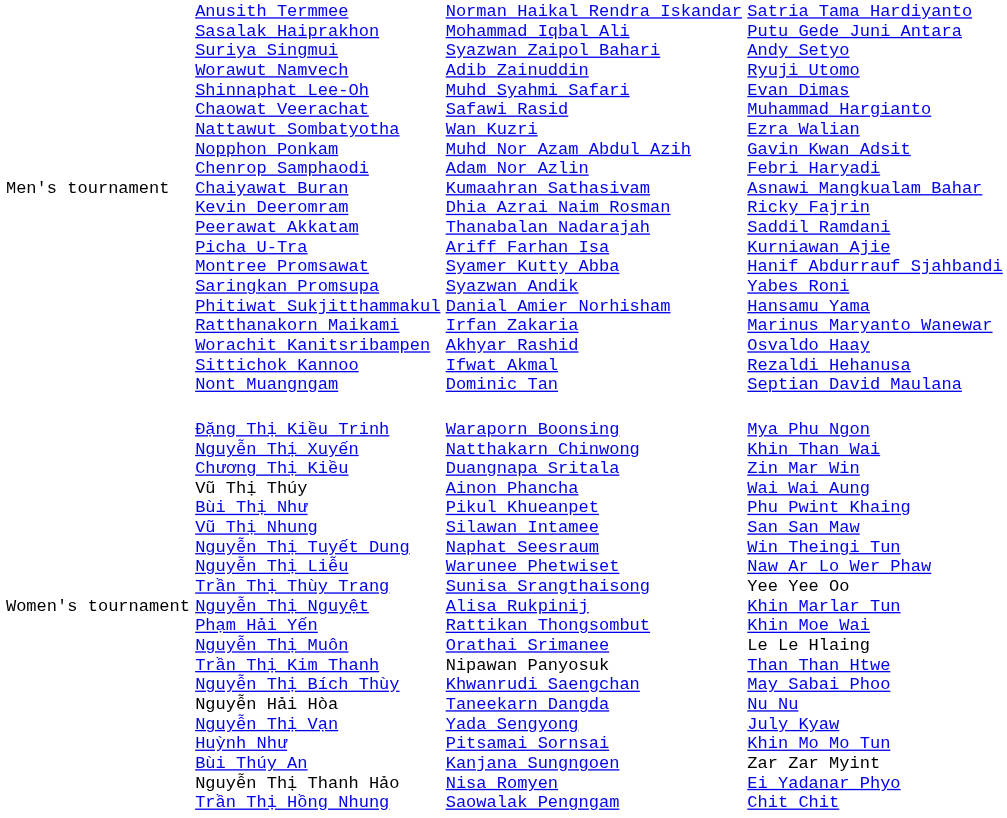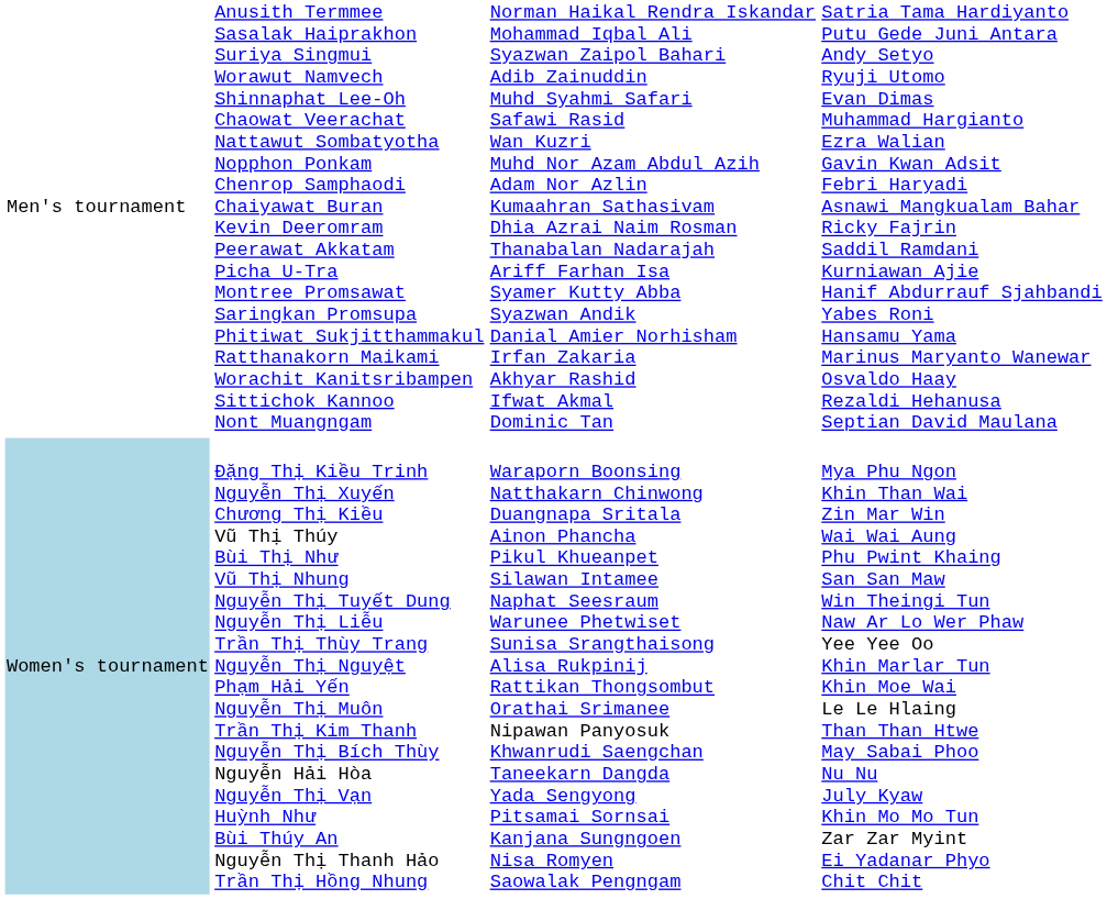 <table>
 <tr>
 <td>Men's tournament<br></td>
 <td nowrap=true><br><a href='#'>Anusith Termmee</a><br><a href='#'>Sasalak Haiprakhon</a><br><a href='#'>Suriya Singmui</a><br><a href='#'>Worawut Namvech</a><br><a href='#'>Shinnaphat Lee-Oh</a><br><a href='#'>Chaowat Veerachat</a><br><a href='#'>Nattawut Sombatyotha</a><br><a href='#'>Nopphon Ponkam</a><br><a href='#'>Chenrop Samphaodi</a><br><a href='#'>Chaiyawat Buran</a><br><a href='#'>Kevin Deeromram</a><br><a href='#'>Peerawat Akkatam</a><br><a href='#'>Picha U-Tra</a><br><a href='#'>Montree Promsawat</a><br><a href='#'>Saringkan Promsupa</a><br><a href='#'>Phitiwat Sukjitthammakul</a><br><a href='#'>Ratthanakorn Maikami</a><br><a href='#'>Worachit Kanitsribampen</a><br><a href='#'>Sittichok Kannoo</a><br><a href='#'>Nont Muangngam</a></td>
 <td nowrap=true><br><a href='#'>Norman Haikal Rendra Iskandar</a><br><a href='#'>Mohammad Iqbal Ali</a><br><a href='#'>Syazwan Zaipol Bahari</a><br><a href='#'>Adib Zainuddin</a><br><a href='#'>Muhd Syahmi Safari</a><br><a href='#'>Safawi Rasid</a><br><a href='#'>Wan Kuzri</a><br><a href='#'>Muhd Nor Azam Abdul Azih</a><br><a href='#'>Adam Nor Azlin</a><br><a href='#'>Kumaahran Sathasivam</a><br><a href='#'>Dhia Azrai Naim Rosman</a><br><a href='#'>Thanabalan Nadarajah</a><br><a href='#'>Ariff Farhan Isa</a><br><a href='#'>Syamer Kutty Abba</a><br><a href='#'>Syazwan Andik</a><br><a href='#'>Danial Amier Norhisham</a><br><a href='#'>Irfan Zakaria</a><br><a href='#'>Akhyar Rashid</a><br><a href='#'>Ifwat Akmal</a><br><a href='#'>Dominic Tan</a></td>
 <td nowrap=true><br><a href='#'>Satria Tama Hardiyanto</a><br><a href='#'>Putu Gede Juni Antara</a><br><a href='#'>Andy Setyo</a><br><a href='#'>Ryuji Utomo</a><br><a href='#'>Evan Dimas</a><br><a href='#'>Muhammad Hargianto</a><br><a href='#'>Ezra Walian</a><br><a href='#'>Gavin Kwan Adsit</a><br><a href='#'>Febri Haryadi</a><br><a href='#'>Asnawi Mangkualam Bahar</a><br><a href='#'>Ricky Fajrin</a><br><a href='#'>Saddil Ramdani</a><br><a href='#'>Kurniawan Ajie</a><br><a href='#'>Hanif Abdurrauf Sjahbandi</a><br><a href='#'>Yabes Roni</a><br><a href='#'>Hansamu Yama</a><br><a href='#'>Marinus Maryanto Wanewar</a><br><a href='#'>Osvaldo Haay</a><br><a href='#'>Rezaldi Hehanusa</a><br><a href='#'>Septian David Maulana</a></td>
 </tr>
 <tr>
-<td>Women's tournament<br></td>
+<td style="background: lightblue;">Women's tournament<br></td>
 <td nowrap=true><br><a href='#'>Đặng Thị Kiều Trinh</a><br><a href='#'>Nguyễn Thị Xuyến</a><br><a href='#'>Chương Thị Kiều</a><br>Vũ Thị Thúy<br><a href='#'>Bùi Thị Như</a><br><a href='#'>Vũ Thị Nhung</a><br><a href='#'>Nguyễn Thị Tuyết Dung</a><br><a href='#'>Nguyễn Thị Liễu</a><br><a href='#'>Trần Thị Thùy Trang</a><br><a href='#'>Nguyễn Thị Nguyệt</a><br><a href='#'>Phạm Hải Yến</a><br><a href='#'>Nguyễn Thị Muôn</a><br><a href='#'>Trần Thị Kim Thanh</a><br><a href='#'>Nguyễn Thị Bích Thùy</a><br>Nguyễn Hải Hòa<br><a href='#'>Nguyễn Thị Vạn</a><br><a href='#'>Huỳnh Như</a><br><a href='#'>Bùi Thúy An</a><br>Nguyễn Thị Thanh Hảo<br><a href='#'>Trần Thị Hồng Nhung</a></td>
 <td nowrap=true><br><a href='#'>Waraporn Boonsing</a><br><a href='#'>Natthakarn Chinwong</a><br><a href='#'>Duangnapa Sritala</a><br><a href='#'>Ainon Phancha</a><br><a href='#'>Pikul Khueanpet</a><br><a href='#'>Silawan Intamee</a><br><a href='#'>Naphat Seesraum</a><br><a href='#'>Warunee Phetwiset</a><br><a href='#'>Sunisa Srangthaisong</a><br><a href='#'>Alisa Rukpinij</a><br><a href='#'>Rattikan Thongsombut</a><br><a href='#'>Orathai Srimanee</a><br>Nipawan Panyosuk<br><a href='#'>Khwanrudi Saengchan</a><br><a href='#'>Taneekarn Dangda</a><br><a href='#'>Yada Sengyong</a><br><a href='#'>Pitsamai Sornsai</a><br><a href='#'>Kanjana Sungngoen</a><br><a href='#'>Nisa Romyen</a><br><a href='#'>Saowalak Pengngam</a></td>
 <td nowrap=true><br><a href='#'>Mya Phu Ngon</a><br><a href='#'>Khin Than Wai</a><br><a href='#'>Zin Mar Win</a><br><a href='#'>Wai Wai Aung</a><br><a href='#'>Phu Pwint Khaing</a><br><a href='#'>San San Maw</a><br><a href='#'>Win Theingi Tun</a><br><a href='#'>Naw Ar Lo Wer Phaw</a><br>Yee Yee Oo<br><a href='#'>Khin Marlar Tun</a><br><a href='#'>Khin Moe Wai</a><br>Le Le Hlaing<br><a href='#'>Than Than Htwe</a><br><a href='#'>May Sabai Phoo</a><br><a href='#'>Nu Nu</a><br><a href='#'>July Kyaw</a><br><a href='#'>Khin Mo Mo Tun</a><br>Zar Zar Myint<br><a href='#'>Ei Yadanar Phyo</a><br><a href='#'>Chit Chit</a></td>
 </tr>
 </table>
